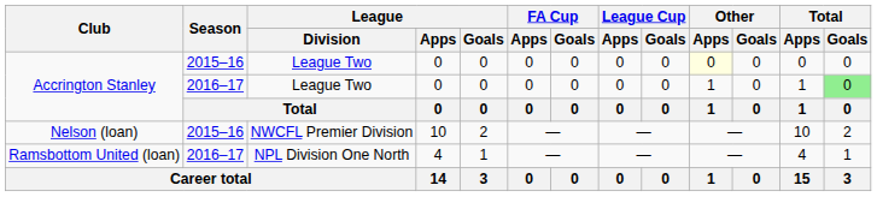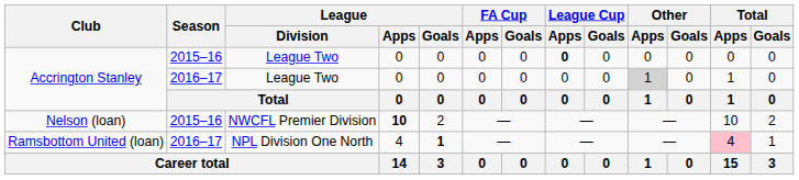 <table class=wikitable style="text-align:center;">
 <tr>
 <th rowspan=2>Club</th>
 <th rowspan=2>Season</th>
 <th colspan=3>League</th>
 <th colspan=2><a href='#'>FA Cup</a></th>
 <th colspan=2><a href='#'>League Cup</a></th>
 <th colspan=2>Other</th>
 <th colspan=2>Total</th>
 </tr>
 <tr>
 <th>Division</th>
 <th>Apps</th>
 <th>Goals</th>
 <th>Apps</th>
 <th>Goals</th>
 <th>Apps</th>
 <th>Goals</th>
 <th>Apps</th>
 <th>Goals</th>
 <th>Apps</th>
 <th>Goals</th>
 </tr>
 <tr>
 <td rowspan=3><a href='#'>Accrington Stanley</a></td>
 <td><a href='#'>2015–16</a></td>
 <td><a href='#'>League Two</a></td>
 <td>0</td>
 <td>0</td>
 <td>0</td>
 <td>0</td>
+<td><strong>0</strong></td>
 <td>0</td>
 <td>0</td>
-<td style="background: lightyellow;">0</td>
 <td>0</td>
 <td>0</td>
 <td>0</td>
 </tr>
 <tr>
 <td><a href='#'>2016–17</a></td>
 <td>League Two</td>
 <td>0</td>
 <td>0</td>
 <td>0</td>
 <td>0</td>
 <td>0</td>
 <td>0</td>
+<td style="background: lightgrey;">1</td>
+<td>0</td>
 <td>1</td>
 <td>0</td>
-<td>1</td>
-<td style="background: lightgreen;">0</td>
 </tr>
 <tr>
 <th colspan=2>Total</th>
 <th>0</th>
 <th>0</th>
 <th>0</th>
 <th>0</th>
 <th>0</th>
 <th>0</th>
 <th>1</th>
 <th>0</th>
 <th>1</th>
 <th>0</th>
 </tr>
 <tr>
 <td><a href='#'>Nelson</a> (loan)</td>
 <td><a href='#'>2015–16</a></td>
 <td><a href='#'>NWCFL</a> Premier Division</td>
-<td>10</td>
+<td><strong>10</strong></td>
 <td>2</td>
 <td colspan=2>—</td>
 <td colspan=2>—</td>
 <td colspan=2>—</td>
 <td>10</td>
 <td>2</td>
 </tr>
 <tr>
 <td><a href='#'>Ramsbottom United</a> (loan)</td>
 <td><a href='#'>2016–17</a></td>
 <td><a href='#'>NPL</a> Division One North</td>
 <td>4</td>
-<td>1</td>
+<td><strong>1</strong></td>
 <td colspan=2>—</td>
 <td colspan=2>—</td>
 <td colspan=2>—</td>
-<td>4</td>
+<td style="background: pink;">4</td>
 <td>1</td>
 </tr>
 <tr>
 <th colspan=3>Career total</th>
 <th>14</th>
 <th>3</th>
 <th>0</th>
 <th>0</th>
 <th>0</th>
 <th>0</th>
 <th>1</th>
 <th>0</th>
 <th>15</th>
 <th>3</th>
 </tr>
 </table>
